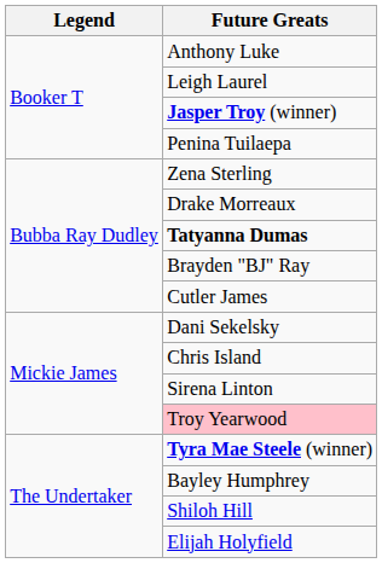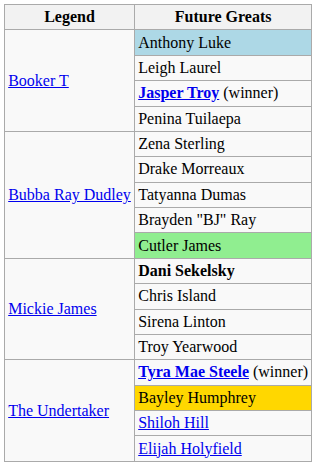 <table class="wikitable">
 <tr>
 <th>Legend</th>
 <th>Future Greats</th>
 </tr>
 <tr>
 <td rowspan="4"><a href='#'>Booker T</a></td>
-<td>Anthony Luke</td>
+<td style="background: lightblue;">Anthony Luke</td>
 </tr>
 <tr>
 <td>Leigh Laurel</td>
 </tr>
 <tr>
 <td><strong><a href='#'>Jasper Troy</a></strong> (winner)</td>
 </tr>
 <tr>
 <td>Penina Tuilaepa</td>
 </tr>
 <tr>
 <td rowspan="5"><a href='#'>Bubba Ray Dudley</a></td>
 <td>Zena Sterling</td>
 </tr>
 <tr>
 <td>Drake Morreaux</td>
 </tr>
 <tr>
-<td><strong>Tatyanna Dumas</strong></td>
+<td>Tatyanna Dumas</td>
 </tr>
 <tr>
 <td>Brayden "BJ" Ray</td>
 </tr>
 <tr>
-<td>Cutler James</td>
+<td style="background: lightgreen;">Cutler James</td>
 </tr>
 <tr>
 <td rowspan="4"><a href='#'>Mickie James</a></td>
-<td>Dani Sekelsky</td>
+<td><strong>Dani Sekelsky</strong></td>
 </tr>
 <tr>
 <td>Chris Island</td>
 </tr>
 <tr>
 <td>Sirena Linton</td>
 </tr>
 <tr>
-<td style="background: pink;">Troy Yearwood</td>
+<td>Troy Yearwood</td>
 </tr>
 <tr>
 <td rowspan="4"><a href='#'>The Undertaker</a></td>
 <td><strong><a href='#'>Tyra Mae Steele</a></strong> (winner)</td>
 </tr>
 <tr>
-<td>Bayley Humphrey</td>
+<td style="background: gold;">Bayley Humphrey</td>
 </tr>
 <tr>
 <td><a href='#'>Shiloh Hill</a></td>
 </tr>
 <tr>
 <td><a href='#'>Elijah Holyfield</a></td>
 </tr>
 </table>
